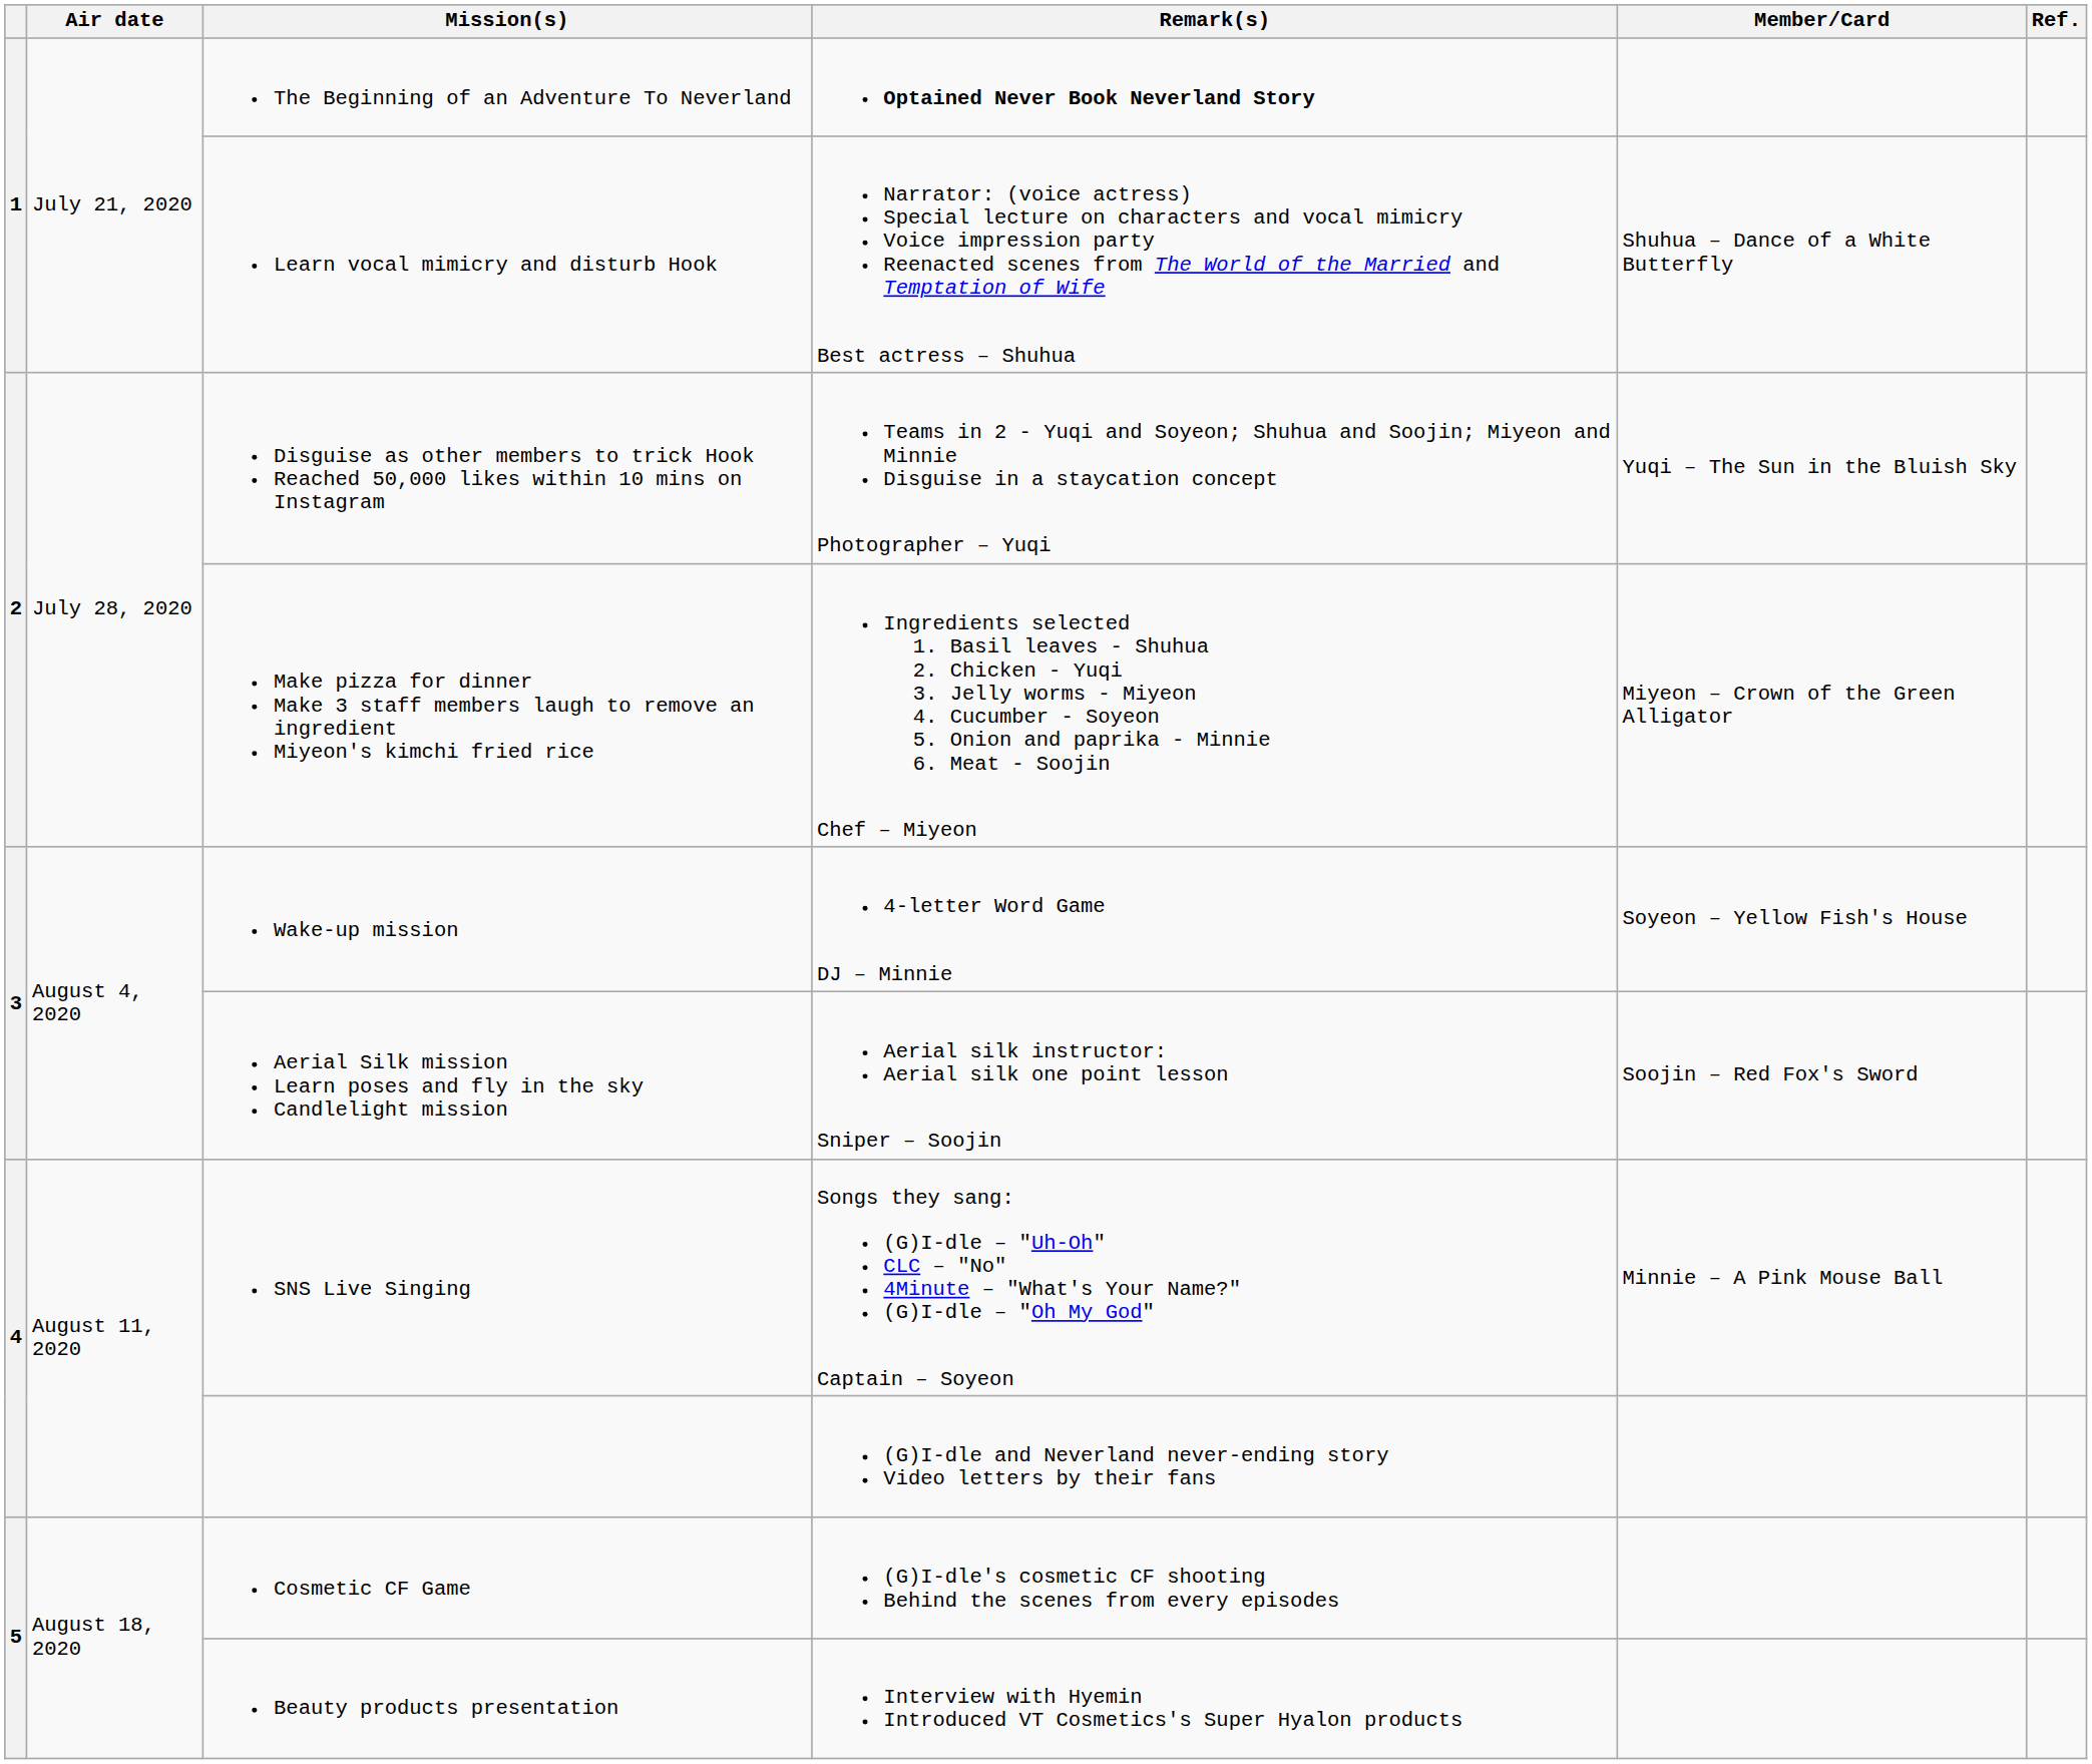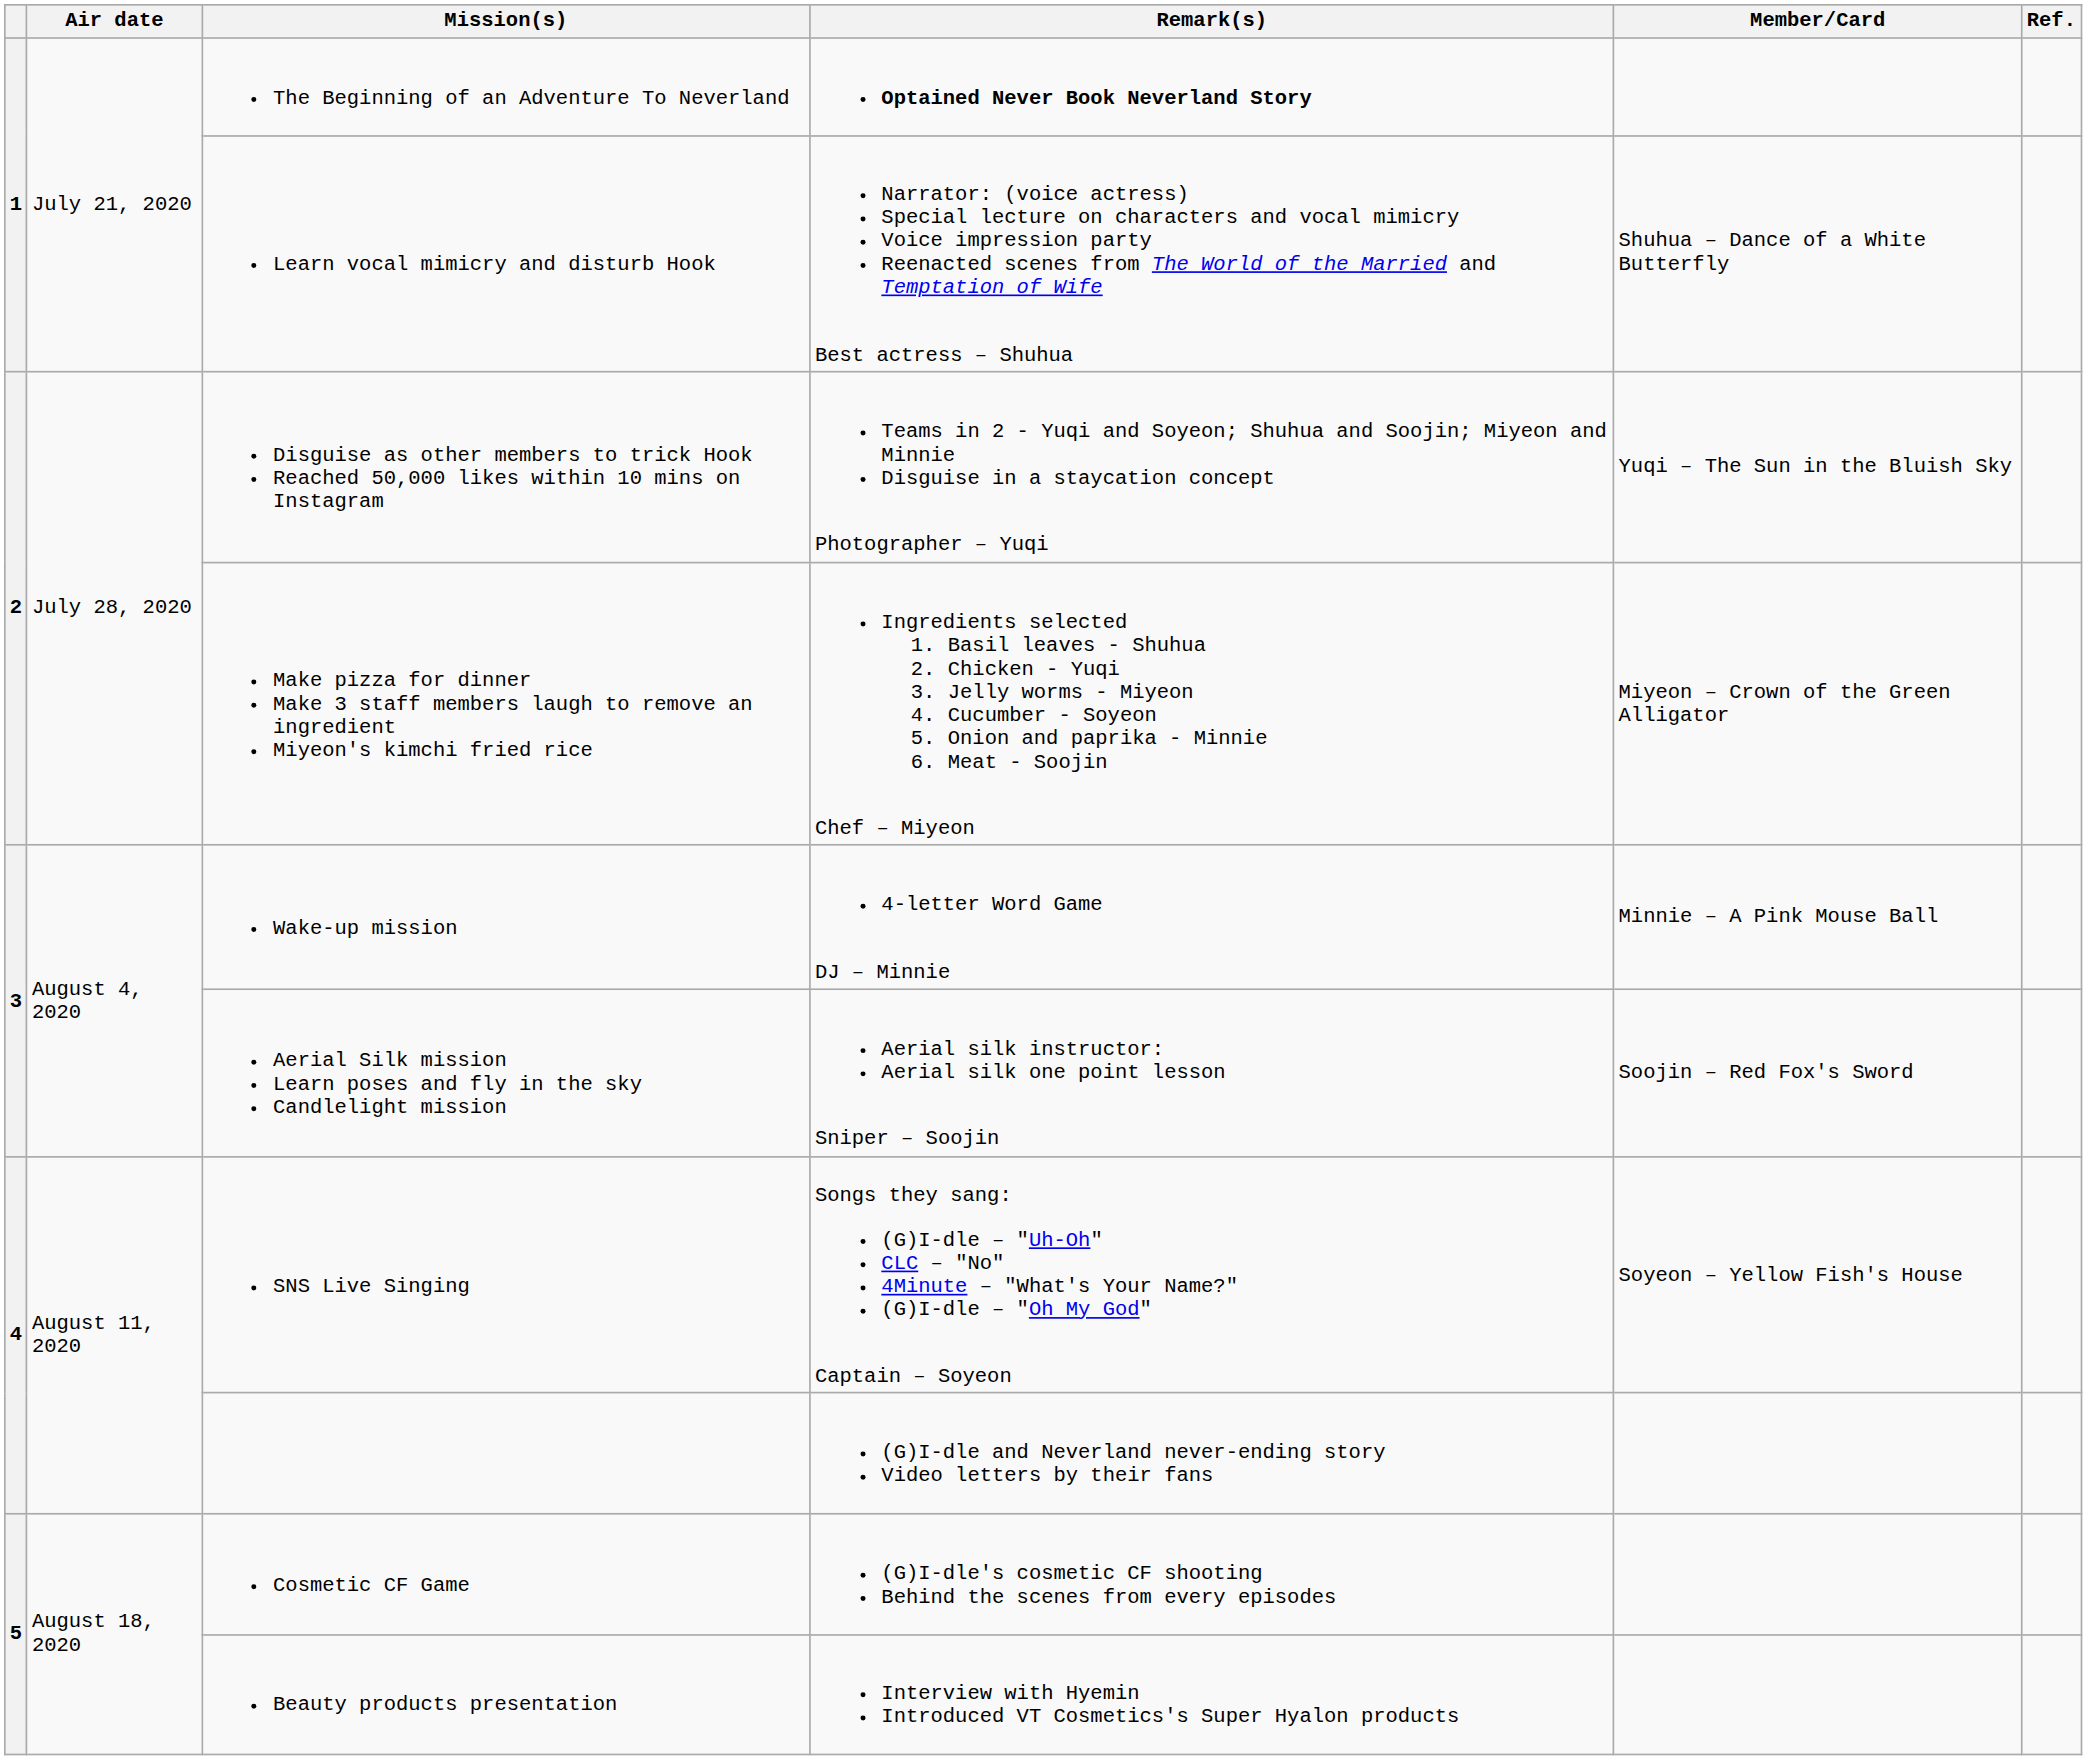 <table class="wikitable" style="font-size:95%">
 <tr>
 <th></th>
 <th>Air date</th>
 <th>Mission(s)</th>
 <th>Remark(s)</th>
 <th>Member/Card</th>
 <th>Ref.</th>
 </tr>
 <tr>
 <th rowspan="2">1</th>
 <td rowspan="2">July 21, 2020</td>
 <td><br><ul><li>The Beginning of an Adventure To Neverland</li></ul></td>
 <td><strong><br><ul><li>Optained Never Book Neverland Story</li></ul></strong></td>
 <td></td>
 <td></td>
 </tr>
 <tr>
 <td><br><ul><li>Learn vocal mimicry and disturb Hook</li></ul></td>
 <td><br><ul><li>Narrator:  (voice actress)</li><li>Special lecture on characters and vocal mimicry</li><li>Voice impression party</li><li>Reenacted scenes from <em><a href='#'>The World of the Married</a></em> and <em><a href='#'>Temptation of Wife</a></em></li></ul><br> Best actress – Shuhua</td>
 <td>Shuhua – Dance of a White Butterfly</td>
 <td></td>
 </tr>
 <tr>
 <th rowspan="2">2</th>
 <td rowspan="2">July 28, 2020</td>
 <td><br><ul><li>Disguise as other members to trick Hook</li><li>Reached 50,000 likes within 10 mins on Instagram</li></ul></td>
 <td><br><ul><li>Teams in 2 - Yuqi and Soyeon; Shuhua and Soojin; Miyeon and Minnie</li><li>Disguise in a staycation concept</li></ul><br> Photographer – Yuqi</td>
 <td>Yuqi – The Sun in the Bluish Sky</td>
 <td></td>
 </tr>
 <tr>
 <td><br><ul><li>Make pizza for dinner</li><li>Make 3 staff members laugh to remove an ingredient</li><li>Miyeon's kimchi fried rice</li></ul></td>
 <td><br><ul><li>Ingredients selected<ol><li>Basil leaves - Shuhua</li><li>Chicken - Yuqi</li><li>Jelly worms - Miyeon</li><li>Cucumber - Soyeon</li><li>Onion and paprika - Minnie</li><li>Meat - Soojin</li></ol></li></ul><br> Chef – Miyeon</td>
 <td>Miyeon – Crown of the Green Alligator</td>
 <td></td>
 </tr>
 <tr>
 <th rowspan="2">3</th>
 <td rowspan="2">August 4, 2020</td>
 <td><br><ul><li>Wake-up mission</li></ul></td>
 <td><br><ul><li>4-letter Word Game</li></ul><br> DJ – Minnie</td>
-<td>Soyeon – Yellow Fish's House</td>
+<td>Minnie – A Pink Mouse Ball</td>
 <td></td>
 </tr>
 <tr>
 <td><br><ul><li>Aerial Silk mission</li><li>Learn poses and fly in the sky</li><li>Candlelight mission</li></ul></td>
 <td><br><ul><li>Aerial silk instructor: </li><li>Aerial silk one point lesson</li></ul><br> Sniper – Soojin</td>
 <td>Soojin – Red Fox's Sword</td>
 <td></td>
 </tr>
 <tr>
 <th rowspan="2">4</th>
 <td rowspan="2">August 11, 2020</td>
 <td><br><ul><li>SNS Live Singing</li></ul></td>
 <td><br>Songs they sang:<ul><li>(G)I-dle – "<a href='#'>Uh-Oh</a>"</li><li><a href='#'>CLC</a> – "No"</li><li><a href='#'>4Minute</a> – "What's Your Name?"</li><li>(G)I-dle – "<a href='#'>Oh My God</a>"</li></ul><br> Captain – Soyeon</td>
-<td>Minnie – A Pink Mouse Ball</td>
+<td>Soyeon – Yellow Fish's House</td>
 <td></td>
 </tr>
 <tr>
 <td></td>
 <td><br><ul><li>(G)I-dle and Neverland never-ending story</li><li>Video letters by their fans</li></ul></td>
 <td></td>
 <td></td>
 </tr>
 <tr>
 <th rowspan="2">5</th>
 <td rowspan="2">August 18, 2020</td>
 <td><br><ul><li>Cosmetic CF Game</li></ul></td>
 <td><br><ul><li>(G)I-dle's cosmetic CF shooting</li><li>Behind the scenes from every episodes</li></ul></td>
 <td></td>
 <td></td>
 </tr>
 <tr>
 <td><br><ul><li>Beauty products presentation</li></ul></td>
 <td><br><ul><li>Interview with Hyemin</li><li>Introduced VT Cosmetics's Super Hyalon products</li></ul></td>
 <td></td>
 <td></td>
 </tr>
 </table>
